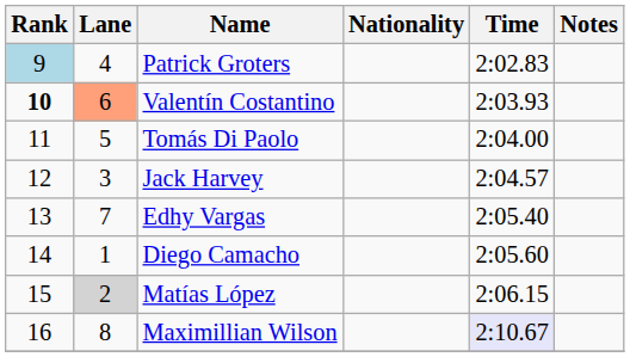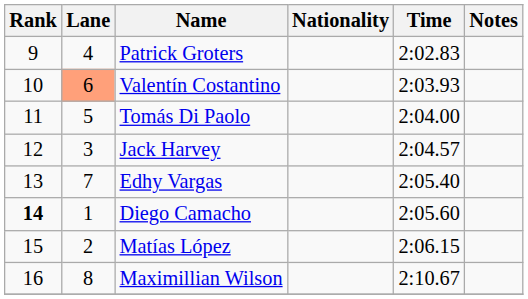 <table class="wikitable sortable" style="text-align:center">
 <tr>
 <th>Rank</th>
 <th>Lane</th>
 <th>Name</th>
 <th>Nationality</th>
 <th>Time</th>
 <th>Notes</th>
 </tr>
 <tr>
-<td style="background: lightblue;">9</td>
+<td>9</td>
 <td>4</td>
 <td align="left"><a href='#'>Patrick Groters</a></td>
 <td align="left"></td>
 <td>2:02.83</td>
 <td></td>
 </tr>
 <tr>
-<td><strong>10</strong></td>
+<td>10</td>
 <td style="background: lightsalmon;">6</td>
 <td align="left"><a href='#'>Valentín Costantino</a></td>
 <td align="left"></td>
 <td>2:03.93</td>
 <td></td>
 </tr>
 <tr>
 <td>11</td>
 <td>5</td>
 <td align="left"><a href='#'>Tomás Di Paolo</a></td>
 <td align="left"></td>
 <td>2:04.00</td>
 <td></td>
 </tr>
 <tr>
 <td>12</td>
 <td>3</td>
 <td align="left"><a href='#'>Jack Harvey</a></td>
 <td align="left"></td>
 <td>2:04.57</td>
 <td></td>
 </tr>
 <tr>
 <td>13</td>
 <td>7</td>
 <td align="left"><a href='#'>Edhy Vargas</a></td>
 <td align="left"></td>
 <td>2:05.40</td>
 <td></td>
 </tr>
 <tr>
-<td>14</td>
+<td><strong>14</strong></td>
 <td>1</td>
 <td align="left"><a href='#'>Diego Camacho</a></td>
 <td align="left"></td>
 <td>2:05.60</td>
 <td></td>
 </tr>
 <tr>
 <td>15</td>
-<td style="background: lightgrey;">2</td>
+<td>2</td>
 <td align="left"><a href='#'>Matías López</a></td>
 <td align="left"></td>
 <td>2:06.15</td>
 <td></td>
 </tr>
 <tr>
 <td>16</td>
 <td>8</td>
 <td align="left"><a href='#'>Maximillian Wilson</a></td>
 <td align="left"></td>
-<td style="background: lavender;">2:10.67</td>
+<td>2:10.67</td>
 <td></td>
 </tr>
 <tr>
 </tr>
 </table>
